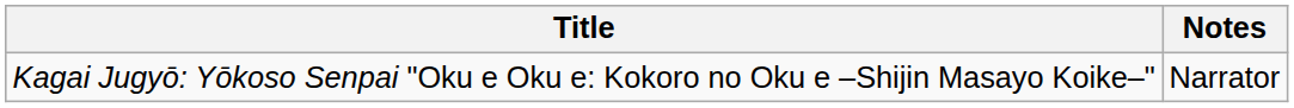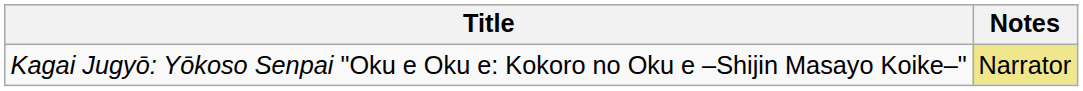 <table class="wikitable">
 <tr>
 <th>Title</th>
 <th>Notes</th>
 </tr>
 <tr>
 <td><em>Kagai Jugyō: Yōkoso Senpai</em> "Oku e Oku e: Kokoro no Oku e –Shijin Masayo Koike–"</td>
-<td>Narrator</td>
+<td style="background: khaki;">Narrator</td>
 </tr>
 </table>
